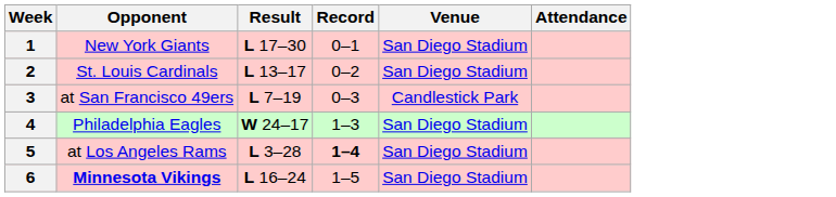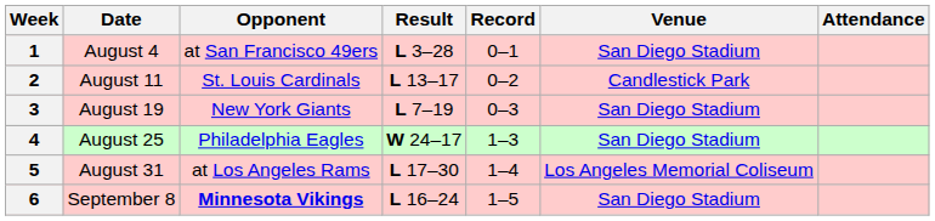 <table class="wikitable" style="text-align:center">
 <tr>
 <th>Week</th>
+<th>Date</th>
 <th>Opponent</th>
 <th>Result</th>
 <th>Record</th>
 <th>Venue</th>
 <th>Attendance</th>
 </tr>
 <tr style="background:#fcc">
 <th>1</th>
-<td><a href='#'>New York Giants</a></td>
-<td><strong>L</strong> 17–30</td>
+<td>August 4</td>
+<td>at <a href='#'>San Francisco 49ers</a></td>
+<td><strong>L</strong> 3–28</td>
 <td>0–1</td>
 <td><a href='#'>San Diego Stadium</a></td>
 <td></td>
 </tr>
 <tr style="background:#fcc">
 <th>2</th>
+<td>August 11</td>
 <td><a href='#'>St. Louis Cardinals</a></td>
 <td><strong>L</strong> 13–17</td>
 <td>0–2</td>
-<td><a href='#'>San Diego Stadium</a></td>
+<td><a href='#'>Candlestick Park</a></td>
 <td></td>
 </tr>
 <tr style="background:#fcc">
 <th>3</th>
-<td>at <a href='#'>San Francisco 49ers</a></td>
+<td>August 19</td>
+<td><a href='#'>New York Giants</a></td>
 <td><strong>L</strong> 7–19</td>
 <td>0–3</td>
-<td><a href='#'>Candlestick Park</a></td>
+<td><a href='#'>San Diego Stadium</a></td>
 <td></td>
 </tr>
 <tr style="background:#cfc">
 <th>4</th>
+<td>August 25</td>
 <td><a href='#'>Philadelphia Eagles</a></td>
 <td><strong>W</strong> 24–17</td>
 <td>1–3</td>
 <td><a href='#'>San Diego Stadium</a></td>
 <td></td>
 </tr>
 <tr style="background:#fcc">
 <th>5</th>
+<td>August 31</td>
 <td>at <a href='#'>Los Angeles Rams</a></td>
-<td><strong>L</strong> 3–28</td>
-<td><strong>1–4</strong></td>
-<td><a href='#'>San Diego Stadium</a></td>
+<td><strong>L</strong> 17–30</td>
+<td>1–4</td>
+<td><a href='#'>Los Angeles Memorial Coliseum</a></td>
 <td></td>
 </tr>
 <tr style="background:#fcc">
 <th>6</th>
+<td>September 8</td>
 <td><strong><a href='#'>Minnesota Vikings</a></strong></td>
 <td><strong>L</strong> 16–24</td>
 <td>1–5</td>
 <td><a href='#'>San Diego Stadium</a></td>
 <td></td>
 </tr>
 </table>
